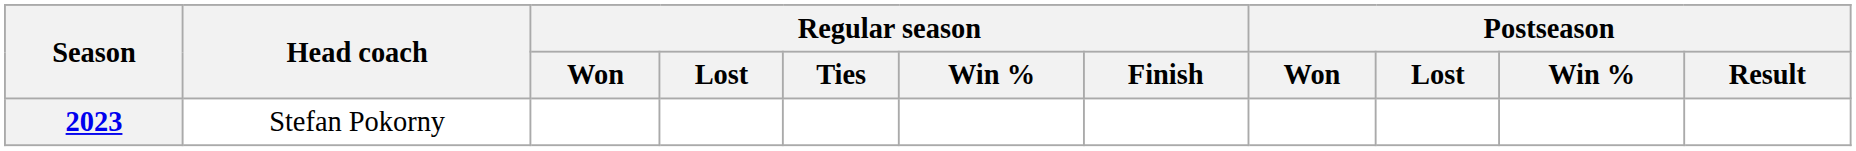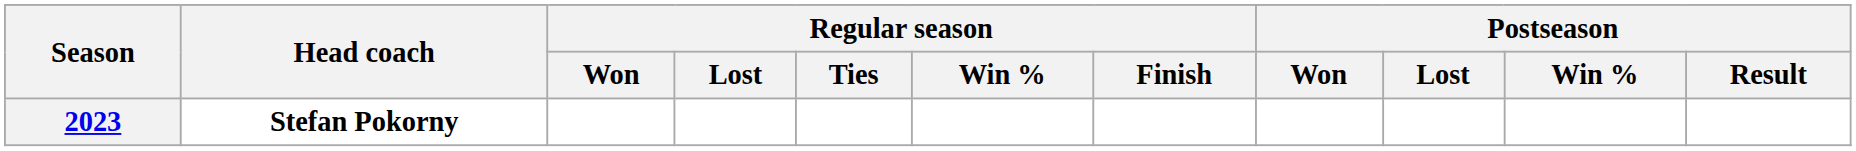 <table class="wikitable" style="font-size: 95%; text-align:center; width:65em">
 <tr>
 <th rowspan="2">Season</th>
 <th rowspan="2">Head coach</th>
 <th colspan="5">Regular season</th>
 <th colspan="4">Postseason</th>
 </tr>
 <tr>
 <th>Won</th>
 <th>Lost</th>
 <th>Ties</th>
 <th>Win %</th>
 <th>Finish</th>
 <th>Won</th>
 <th>Lost</th>
 <th>Win %</th>
 <th>Result</th>
 </tr>
 <tr style="background:#FFFFFF">
 <th><a href='#'>2023</a></th>
-<td>Stefan Pokorny</td>
+<td><strong>Stefan Pokorny</strong></td>
 <td></td>
 <td></td>
 <td></td>
 <td></td>
 <td></td>
 <td></td>
 <td></td>
 <td></td>
 <td></td>
 </tr>
 </table>
